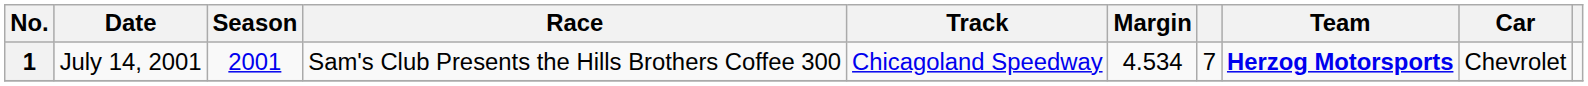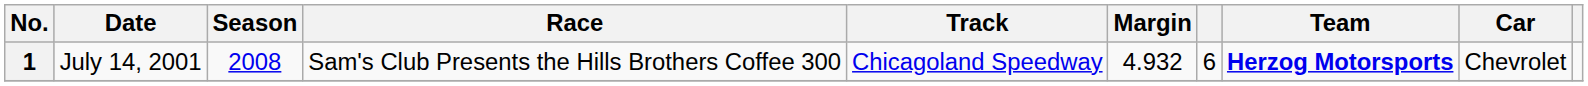 <table class="wikitable sortable">
 <tr>
 <th scope="col">No.</th>
 <th scope="col">Date</th>
 <th scope="col">Season</th>
 <th scope="col">Race</th>
 <th scope="col">Track</th>
 <th scope="col">Margin</th>
 <th scope="col" data-sort-type="number"></th>
 <th scope="col">Team</th>
 <th scope="col">Car</th>
 <th scope="col" class="unsortable"></th>
 </tr>
 <tr>
 <th scope="row">1</th>
 <td>July 14, 2001</td>
-<td style="text-align:center;"><a href='#'>2001</a></td>
+<td style="text-align:center;"><a href='#'>2008</a></td>
 <td>Sam's Club Presents the Hills Brothers Coffee 300</td>
 <td><a href='#'>Chicagoland Speedway</a></td>
-<td style="text-align:center;">4.534</td>
-<td style="text-align:center;">7</td>
+<td style="text-align:center;">4.932</td>
+<td style="text-align:center;">6</td>
 <td style="text-align:center;"><strong><a href='#'>Herzog Motorsports</a></strong></td>
 <td style="text-align:center;">Chevrolet</td>
 <td style="text-align:center;"></td>
 </tr>
 <tr>
 </tr>
 </table>
